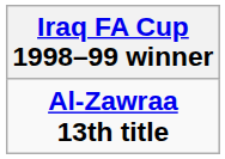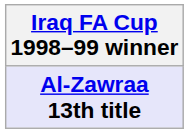 <table class="wikitable" style="text-align: center; margin: 0 auto;">
 <tr>
 <th><a href='#'>Iraq FA Cup</a><br>1998–99 winner</th>
 </tr>
 <tr>
-<td><strong><a href='#'>Al-Zawraa</a></strong><br><strong>13th title</strong></td>
+<td style="background: lavender;"><strong><a href='#'>Al-Zawraa</a></strong><br><strong>13th title</strong></td>
 </tr>
 </table>
